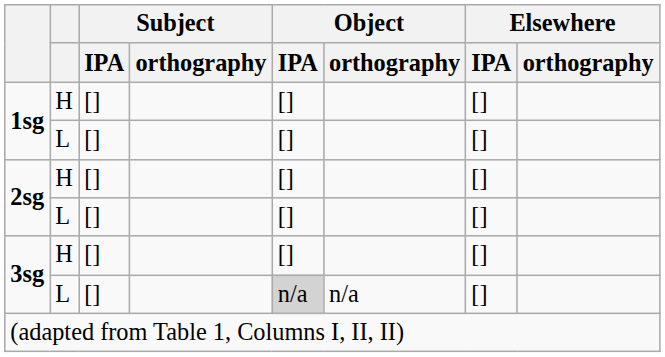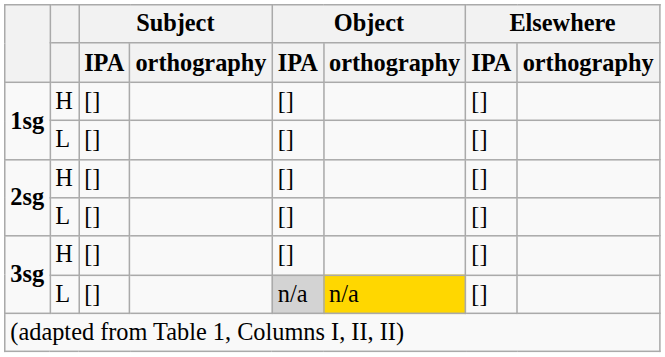 <table class="wikitable">
 <tr>
 <th rowspan="2"></th>
 <th></th>
 <th colspan="2">Subject</th>
 <th colspan="2">Object</th>
 <th colspan="2">Elsewhere</th>
 </tr>
 <tr>
 <th></th>
 <th>IPA</th>
 <th>orthography</th>
 <th>IPA</th>
 <th>orthography</th>
 <th>IPA</th>
 <th>orthography</th>
 </tr>
 <tr>
 <td rowspan="2"><strong>1sg</strong></td>
 <td>H</td>
 <td>[]</td>
 <td></td>
 <td>[]</td>
 <td></td>
 <td>[]</td>
 <td></td>
 </tr>
 <tr>
 <td>L</td>
 <td>[]</td>
 <td></td>
 <td>[]</td>
 <td></td>
 <td>[]</td>
 <td></td>
 </tr>
 <tr>
 <td rowspan="2"><strong>2sg</strong></td>
 <td>H</td>
 <td>[]</td>
 <td></td>
 <td>[]</td>
 <td></td>
 <td>[]</td>
 <td></td>
 </tr>
 <tr>
 <td>L</td>
 <td>[]</td>
 <td></td>
 <td>[]</td>
 <td></td>
 <td>[]</td>
 <td></td>
 </tr>
 <tr>
 <td rowspan="2"><strong>3sg</strong></td>
 <td>H</td>
 <td>[]</td>
 <td></td>
 <td>[]</td>
 <td></td>
 <td>[]</td>
 <td></td>
 </tr>
 <tr>
 <td>L</td>
 <td>[]</td>
 <td></td>
 <td style="background: lightgrey;">n/a</td>
-<td>n/a</td>
+<td style="background: gold;">n/a</td>
 <td>[]</td>
 <td></td>
 </tr>
 <tr>
 <td colspan="8">(adapted from  Table 1, Columns I, II, II)</td>
 </tr>
 </table>
